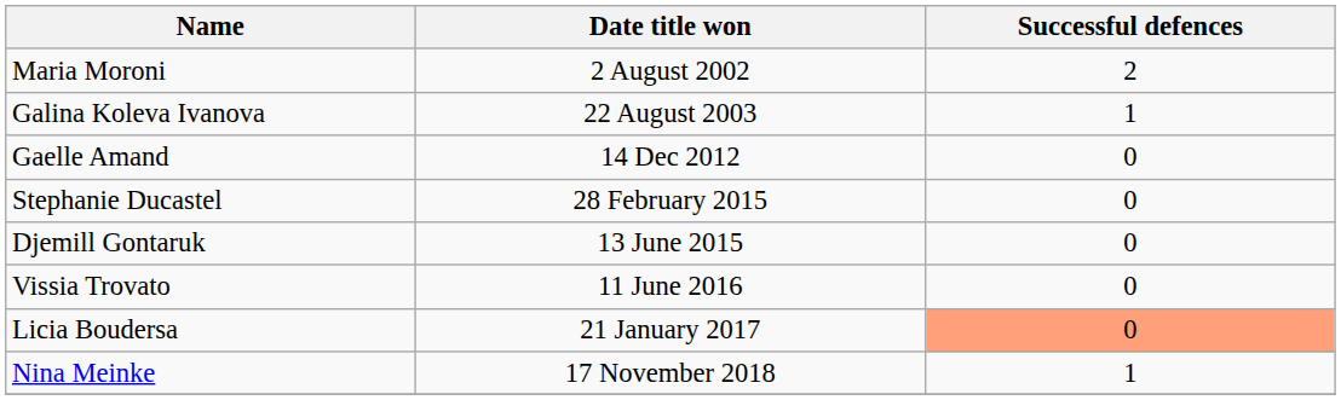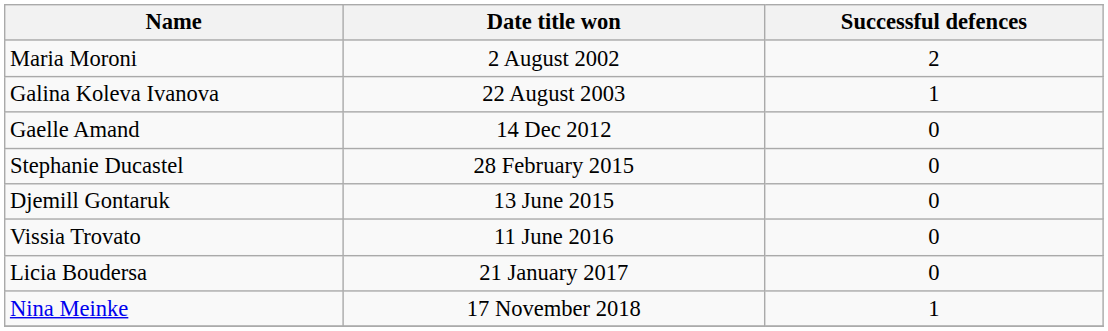 <table class="wikitable" style="text-align:center">
 <tr>
 <th style="width:20%;">Name</th>
 <th style="width:25%;">Date title won</th>
 <th style="width:20%;">Successful defences</th>
 </tr>
 <tr>
 <td align=left> Maria Moroni</td>
 <td>2 August 2002</td>
 <td>2</td>
 </tr>
 <tr>
 <td align=left> Galina Koleva Ivanova</td>
 <td>22 August 2003</td>
 <td>1</td>
 </tr>
 <tr>
 <td align=left> Gaelle Amand</td>
 <td>14 Dec 2012</td>
 <td>0</td>
 </tr>
 <tr>
 <td align=left> Stephanie Ducastel</td>
 <td>28 February 2015</td>
 <td>0</td>
 </tr>
 <tr>
 <td align=left> Djemill Gontaruk</td>
 <td>13 June 2015</td>
 <td>0</td>
 </tr>
 <tr>
 <td align=left> Vissia Trovato</td>
 <td>11 June 2016</td>
 <td>0</td>
 </tr>
 <tr>
 <td align=left> Licia Boudersa</td>
 <td>21 January 2017</td>
-<td style="background: lightsalmon;">0</td>
+<td>0</td>
 </tr>
 <tr>
 <td align=left> <a href='#'>Nina Meinke</a></td>
 <td>17 November 2018</td>
 <td>1</td>
 </tr>
 <tr>
 </tr>
 </table>
